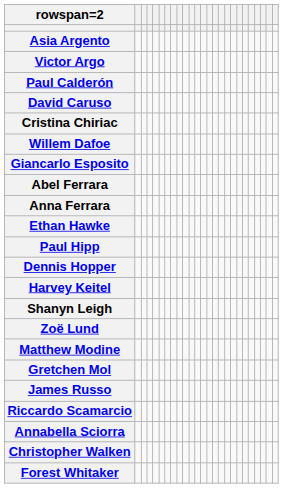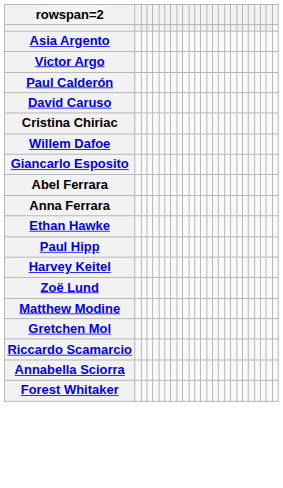 <table class="wikitable" style="text-align:center;vertical-align:bottom;">
 <tr>
 <th>rowspan=2 </th>
 <th></th>
 <th></th>
 <th></th>
 <th></th>
 <th></th>
 <th></th>
 <th></th>
 <th></th>
 <th></th>
 <th></th>
 <th></th>
 <th></th>
 <th></th>
 <th></th>
 <th></th>
 <th></th>
 <th></th>
 <th></th>
 <th></th>
 <th></th>
 <th></th>
 <th></th>
 <th></th>
 <th></th>
 </tr>
 <tr>
 <th></th>
 <th></th>
 <th></th>
 <th></th>
 <th></th>
 <th></th>
 <th></th>
 <th></th>
 <th></th>
 <th></th>
 <th></th>
 <th></th>
 <th></th>
 <th></th>
 <th></th>
 <th></th>
 <th></th>
 <th></th>
 <th></th>
 <th></th>
 <th></th>
 <th></th>
 <th></th>
 <th></th>
 </tr>
 <tr>
 <th><a href='#'>Asia Argento</a></th>
 <td></td>
 <td></td>
 <td></td>
 <td></td>
 <td></td>
 <td></td>
 <td></td>
 <td></td>
 <td></td>
 <td></td>
 <td></td>
 <td></td>
 <td></td>
 <td></td>
 <td></td>
 <td></td>
 <td></td>
 <td></td>
 <td></td>
 <td></td>
 <td></td>
 <td></td>
 <td></td>
 <td></td>
 </tr>
 <tr>
 <th><a href='#'>Victor Argo</a></th>
 <td></td>
 <td></td>
 <td></td>
 <td></td>
 <td></td>
 <td></td>
 <td></td>
 <td></td>
 <td></td>
 <td></td>
 <td></td>
 <td></td>
 <td></td>
 <td></td>
 <td></td>
 <td></td>
 <td></td>
 <td></td>
 <td></td>
 <td></td>
 <td></td>
 <td></td>
 <td></td>
 <td></td>
 </tr>
 <tr>
 <th><a href='#'>Paul Calderón</a></th>
 <td></td>
 <td></td>
 <td></td>
 <td></td>
 <td></td>
 <td></td>
 <td></td>
 <td></td>
 <td></td>
 <td></td>
 <td></td>
 <td></td>
 <td></td>
 <td></td>
 <td></td>
 <td></td>
 <td></td>
 <td></td>
 <td></td>
 <td></td>
 <td></td>
 <td></td>
 <td></td>
 </tr>
 <tr>
 <th><a href='#'>David Caruso</a></th>
 <td></td>
 <td></td>
 <td></td>
 <td></td>
 <td></td>
 <td></td>
 <td></td>
 <td></td>
 <td></td>
 <td></td>
 <td></td>
 <td></td>
 <td></td>
 <td></td>
 <td></td>
 <td></td>
 <td></td>
 <td></td>
 <td></td>
 <td></td>
 <td></td>
 <td></td>
 <td></td>
 <td></td>
 </tr>
 <tr>
 <th>Cristina Chiriac</th>
 <td></td>
 <td></td>
 <td></td>
 <td></td>
 <td></td>
 <td></td>
 <td></td>
 <td></td>
 <td></td>
 <td></td>
 <td></td>
 <td></td>
 <td></td>
 <td></td>
 <td></td>
 <td></td>
 <td></td>
 <td></td>
 <td></td>
 <td></td>
 <td></td>
 <td></td>
 <td></td>
 <td></td>
 </tr>
 <tr>
 <th><a href='#'>Willem Dafoe</a></th>
 <td></td>
 <td></td>
 <td></td>
 <td></td>
 <td></td>
 <td></td>
 <td></td>
 <td></td>
 <td></td>
 <td></td>
 <td></td>
 <td></td>
 <td></td>
 <td></td>
 <td></td>
 <td></td>
 <td></td>
 <td></td>
 <td></td>
 <td></td>
 <td></td>
 <td></td>
 <td></td>
 <td></td>
 </tr>
 <tr>
 <th><a href='#'>Giancarlo Esposito</a></th>
 <td></td>
 <td></td>
 <td></td>
 <td></td>
 <td></td>
 <td></td>
 <td></td>
 <td></td>
 <td></td>
 <td></td>
 <td></td>
 <td></td>
 <td></td>
 <td></td>
 <td></td>
 <td></td>
 <td></td>
 <td></td>
 <td></td>
 <td></td>
 <td></td>
 <td></td>
 <td></td>
 <td></td>
 </tr>
 <tr>
 <th>Abel Ferrara</th>
 <td></td>
 <td></td>
 <td></td>
 <td></td>
 <td></td>
 <td></td>
 <td></td>
 <td></td>
 <td></td>
 <td></td>
 <td></td>
 <td></td>
 <td></td>
 <td></td>
 <td></td>
 <td></td>
 <td></td>
 <td></td>
 <td></td>
 <td></td>
 <td></td>
 <td></td>
 <td></td>
 <td></td>
 </tr>
 <tr>
 <th>Anna Ferrara</th>
 <td></td>
 <td></td>
 <td></td>
 <td></td>
 <td></td>
 <td></td>
 <td></td>
 <td></td>
 <td></td>
 <td></td>
 <td></td>
 <td></td>
 <td></td>
 <td></td>
 <td></td>
 <td></td>
 <td></td>
 <td></td>
 <td></td>
 <td></td>
 <td></td>
 <td></td>
 <td></td>
 <td></td>
 </tr>
 <tr>
 <th><a href='#'>Ethan Hawke</a></th>
 <td></td>
 <td></td>
 <td></td>
 <td></td>
 <td></td>
 <td></td>
 <td></td>
 <td></td>
 <td></td>
 <td></td>
 <td></td>
 <td></td>
 <td></td>
 <td></td>
 <td></td>
 <td></td>
 <td></td>
 <td></td>
 <td></td>
 <td></td>
 <td></td>
 <td></td>
 <td></td>
 <td></td>
 </tr>
 <tr>
 <th><a href='#'>Paul Hipp</a></th>
 <td></td>
 <td></td>
 <td></td>
 <td></td>
 <td></td>
 <td></td>
 <td></td>
 <td></td>
 <td></td>
 <td></td>
 <td></td>
 <td></td>
 <td></td>
 <td></td>
 <td></td>
 <td></td>
 <td></td>
 <td></td>
 <td></td>
 <td></td>
 <td></td>
 <td></td>
 <td></td>
 <td></td>
 </tr>
 <tr>
-<th><a href='#'>Dennis Hopper</a></th>
-<td></td>
-<td></td>
-<td></td>
-<td></td>
-<td></td>
-<td></td>
-<td></td>
-<td></td>
-<td></td>
-<td></td>
-<td></td>
-<td></td>
-<td></td>
-<td></td>
-<td></td>
-<td></td>
-<td></td>
-<td></td>
-<td></td>
-<td></td>
-<td></td>
-<td></td>
-<td></td>
-<td></td>
-</tr>
-<tr>
 <th><a href='#'>Harvey Keitel</a></th>
-<td></td>
-<td></td>
-<td></td>
-<td></td>
-<td></td>
-<td></td>
-<td></td>
-<td></td>
-<td></td>
-<td></td>
-<td></td>
-<td></td>
-<td></td>
-<td></td>
-<td></td>
-<td></td>
-<td></td>
-<td></td>
-<td></td>
-<td></td>
-<td></td>
-<td></td>
-<td></td>
-<td></td>
-</tr>
-<tr>
-<th>Shanyn Leigh</th>
 <td></td>
 <td></td>
 <td></td>
 <td></td>
 <td></td>
 <td></td>
 <td></td>
 <td></td>
 <td></td>
 <td></td>
 <td></td>
 <td></td>
 <td></td>
 <td></td>
 <td></td>
 <td></td>
 <td></td>
 <td></td>
 <td></td>
 <td></td>
 <td></td>
 <td></td>
 <td></td>
 <td></td>
 </tr>
 <tr>
 <th><a href='#'>Zoë Lund</a></th>
 <td></td>
 <td></td>
 <td></td>
 <td></td>
 <td></td>
 <td></td>
 <td></td>
 <td></td>
 <td></td>
 <td></td>
 <td></td>
 <td></td>
 <td></td>
 <td></td>
 <td></td>
 <td></td>
 <td></td>
 <td></td>
 <td></td>
 <td></td>
 <td></td>
 <td></td>
 <td></td>
 <td></td>
 </tr>
 <tr>
 <th><a href='#'>Matthew Modine</a></th>
 <td></td>
 <td></td>
 <td></td>
 <td></td>
 <td></td>
 <td></td>
 <td></td>
 <td></td>
 <td></td>
 <td></td>
 <td></td>
 <td></td>
 <td></td>
 <td></td>
 <td></td>
 <td></td>
 <td></td>
 <td></td>
 <td></td>
 <td></td>
 <td></td>
 <td></td>
 <td></td>
 <td></td>
 </tr>
 <tr>
 <th><a href='#'>Gretchen Mol</a></th>
 <td></td>
 <td></td>
 <td></td>
 <td></td>
 <td></td>
 <td></td>
 <td></td>
 <td></td>
 <td></td>
 <td></td>
 <td></td>
 <td></td>
 <td></td>
 <td></td>
 <td></td>
 <td></td>
 <td></td>
 <td></td>
 <td></td>
 <td></td>
 <td></td>
 <td></td>
 <td></td>
 <td></td>
 </tr>
 <tr>
-<th><a href='#'>James Russo</a></th>
-<td></td>
-<td></td>
-<td></td>
-<td></td>
-<td></td>
-<td></td>
-<td></td>
-<td></td>
-<td></td>
-<td></td>
-<td></td>
-<td></td>
-<td></td>
-<td></td>
-<td></td>
-<td></td>
-<td></td>
-<td></td>
-<td></td>
-<td></td>
-<td></td>
-<td></td>
-<td></td>
-<td></td>
-</tr>
-<tr>
 <th><a href='#'>Riccardo Scamarcio</a></th>
 <td></td>
 <td></td>
 <td></td>
 <td></td>
 <td></td>
 <td></td>
 <td></td>
 <td></td>
 <td></td>
 <td></td>
 <td></td>
 <td></td>
 <td></td>
 <td></td>
 <td></td>
 <td></td>
 <td></td>
 <td></td>
 <td></td>
 <td></td>
 <td></td>
 <td></td>
 <td></td>
 <td></td>
 </tr>
 <tr>
 <th><a href='#'>Annabella Sciorra</a></th>
 <td></td>
 <td></td>
 <td></td>
 <td></td>
 <td></td>
 <td></td>
 <td></td>
 <td></td>
 <td></td>
 <td></td>
 <td></td>
 <td></td>
 <td></td>
 <td></td>
 <td></td>
 <td></td>
 <td></td>
 <td></td>
 <td></td>
 <td></td>
 <td></td>
 <td></td>
 <td></td>
 <td></td>
 </tr>
 <tr>
-<th><a href='#'>Christopher Walken</a></th>
-<td></td>
-<td></td>
-<td></td>
-<td></td>
-<td></td>
-<td></td>
-<td></td>
-<td></td>
-<td></td>
-<td></td>
-<td></td>
-<td></td>
-<td></td>
-<td></td>
-<td></td>
-<td></td>
-<td></td>
-<td></td>
-<td></td>
-<td></td>
-<td></td>
-<td></td>
-<td></td>
-<td></td>
-</tr>
-<tr>
 <th><a href='#'>Forest Whitaker</a></th>
 <td></td>
 <td></td>
 <td></td>
 <td></td>
 <td></td>
 <td></td>
 <td></td>
 <td></td>
 <td></td>
 <td></td>
 <td></td>
 <td></td>
 <td></td>
 <td></td>
 <td></td>
 <td></td>
 <td></td>
 <td></td>
 <td></td>
 <td></td>
 <td></td>
 <td></td>
 <td></td>
 <td></td>
 </tr>
 </table>
